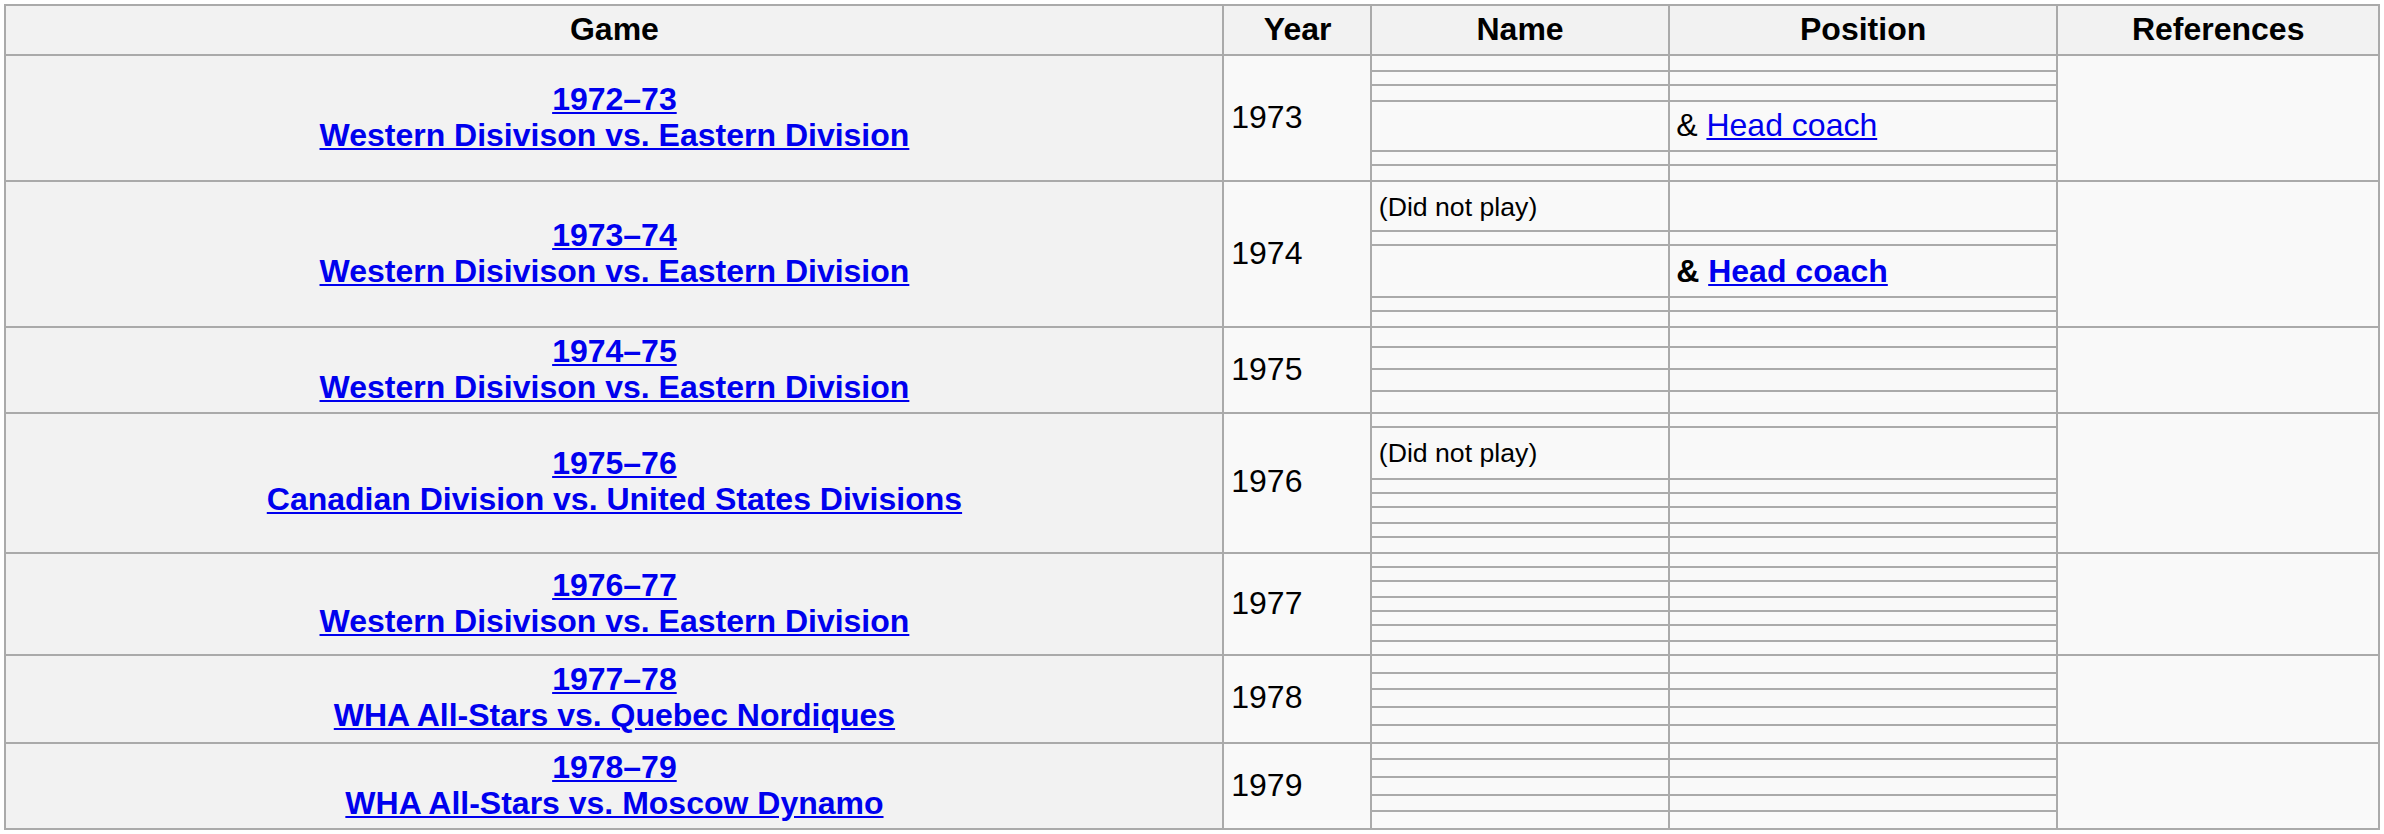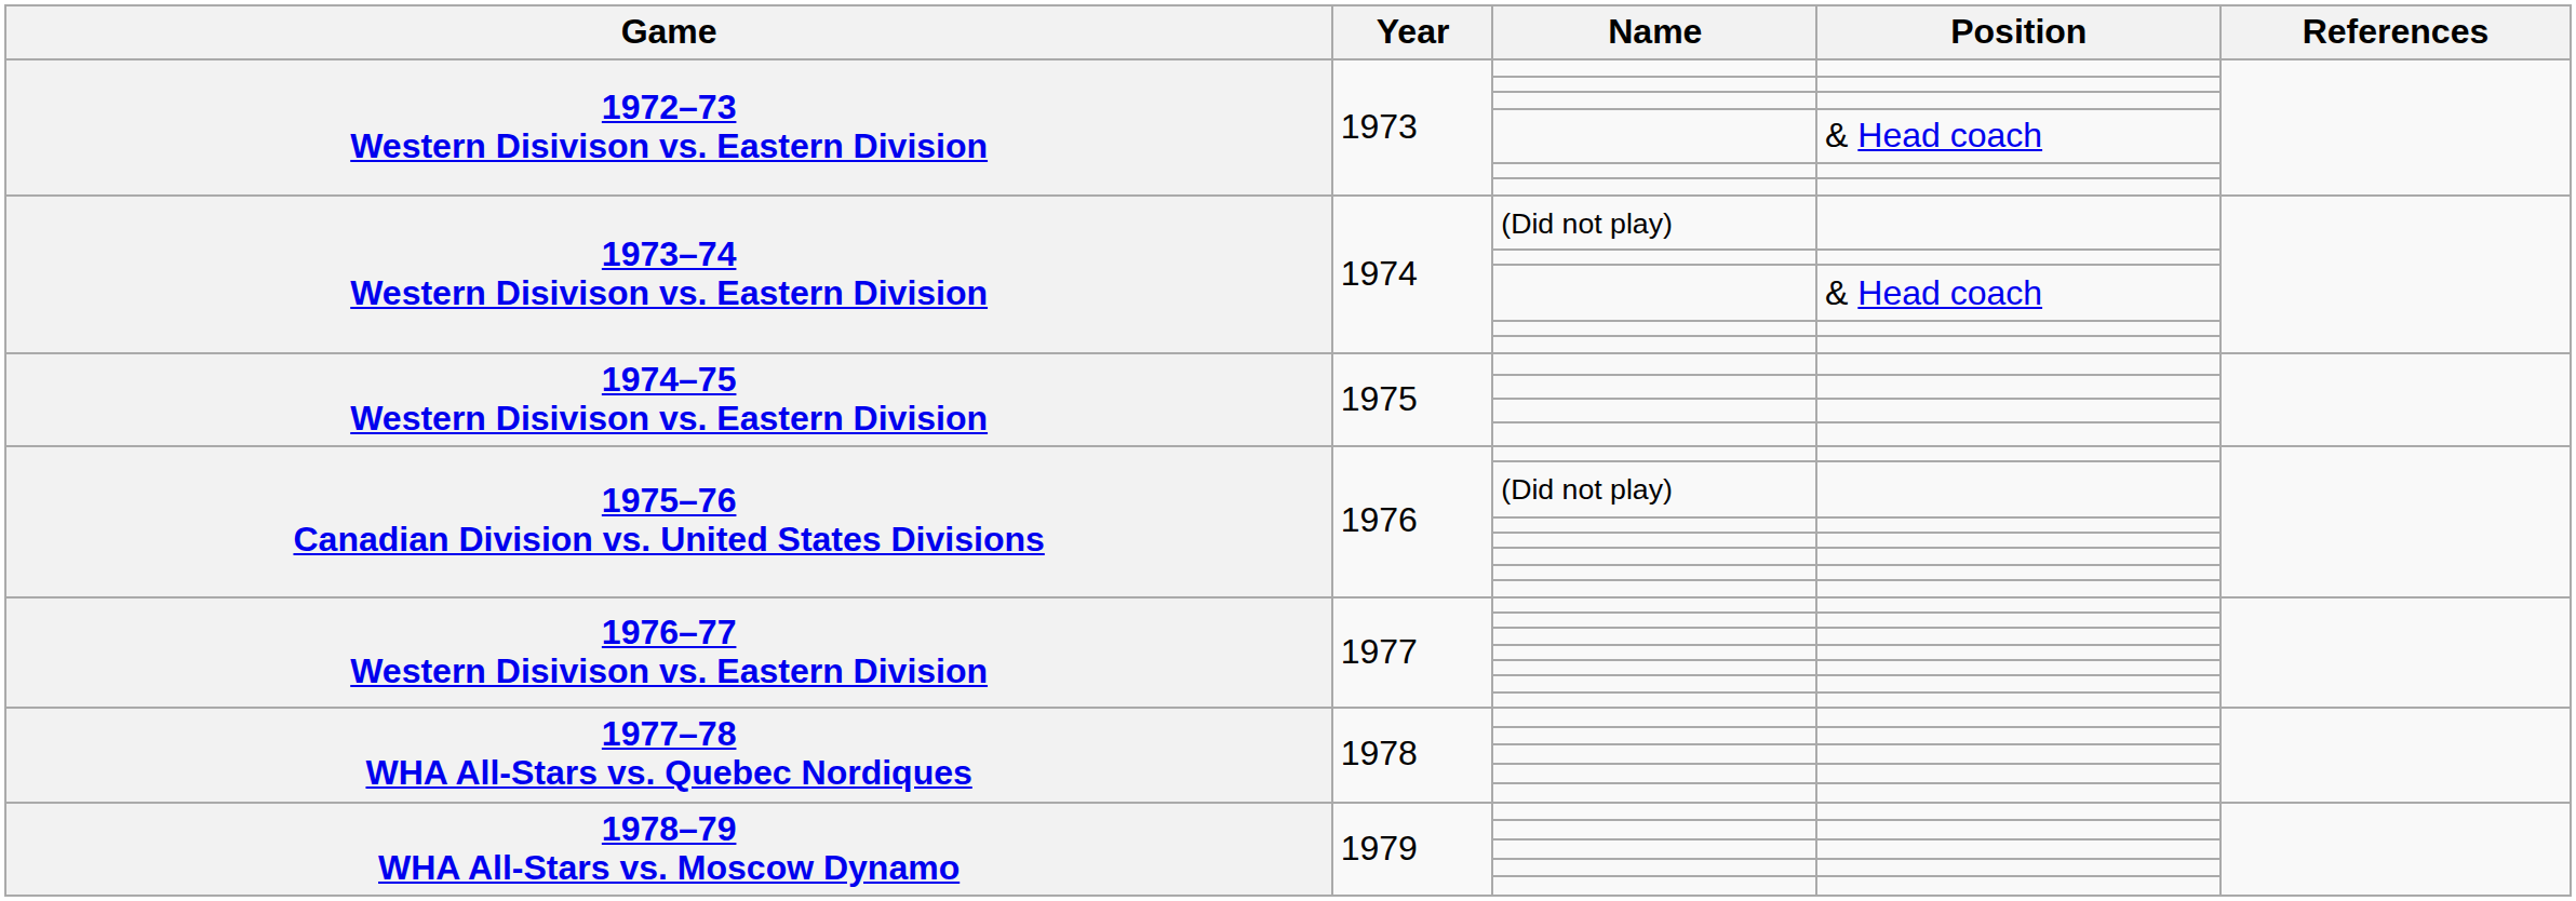 <table class="wikitable sortable" width="75%">
 <tr>
 <th scope="col">Game</th>
 <th scope="col">Year</th>
 <th scope="col">Name</th>
 <th scope="col">Position</th>
 <th scope="col" class="unsortable">References</th>
 </tr>
 <tr>
 <th scope="row"  rowspan="6"><a href='#'>1972–73<br>Western Disivison vs. Eastern Division</a></th>
 <td rowspan="6">1973</td>
 <td></td>
 <td></td>
 <td rowspan="6"></td>
 </tr>
 <tr>
 <td></td>
 <td></td>
 </tr>
 <tr>
 <td></td>
 <td></td>
 </tr>
 <tr>
 <td></td>
 <td> & <a href='#'>Head coach</a></td>
 </tr>
 <tr>
 <td></td>
 <td></td>
 </tr>
 <tr>
 <td></td>
 <td></td>
 </tr>
 <tr>
 <th scope="row"  rowspan="5"><a href='#'>1973–74<br>Western Disivison vs. Eastern Division</a></th>
 <td rowspan="5">1974</td>
 <td> <small>(Did not play)</small></td>
 <td></td>
 <td rowspan="5"></td>
 </tr>
 <tr>
 <td></td>
 <td></td>
 </tr>
 <tr>
 <td></td>
-<td><strong> & <a href='#'>Head coach</a></strong></td>
+<td> & <a href='#'>Head coach</a></td>
 </tr>
 <tr>
 <td></td>
 <td></td>
 </tr>
 <tr>
 <td></td>
 <td></td>
 </tr>
 <tr>
 <th scope="row"  rowspan="4"><a href='#'>1974–75<br>Western Disivison vs. Eastern Division</a></th>
 <td rowspan="4">1975</td>
 <td></td>
 <td></td>
 <td rowspan="4"></td>
 </tr>
 <tr>
 <td></td>
 <td></td>
 </tr>
 <tr>
 <td></td>
 <td></td>
 </tr>
 <tr>
 <td></td>
 <td></td>
 </tr>
 <tr>
 <th scope="row"  rowspan="7"><a href='#'>1975–76<br>Canadian Division vs. United States Divisions</a></th>
 <td rowspan="7">1976</td>
 <td></td>
 <td></td>
 <td rowspan="7"></td>
 </tr>
 <tr>
 <td> <small>(Did not play)</small></td>
 <td></td>
 </tr>
 <tr>
 <td></td>
 <td></td>
 </tr>
 <tr>
 <td></td>
 <td></td>
 </tr>
 <tr>
 <td></td>
 <td></td>
 </tr>
 <tr>
 <td></td>
 <td></td>
 </tr>
 <tr>
 <td></td>
 <td></td>
 </tr>
 <tr>
 <th scope="row"  rowspan="7"><a href='#'>1976–77<br>Western Disivison vs. Eastern Division</a></th>
 <td rowspan="7">1977</td>
 <td></td>
 <td></td>
 <td rowspan="7"></td>
 </tr>
 <tr>
 <td></td>
 <td></td>
 </tr>
 <tr>
 <td></td>
 <td></td>
 </tr>
 <tr>
 <td></td>
 <td></td>
 </tr>
 <tr>
 <td></td>
 <td></td>
 </tr>
 <tr>
 <td></td>
 <td></td>
 </tr>
 <tr>
 <td></td>
 <td></td>
 </tr>
 <tr>
 <th scope="row"  rowspan="5"><a href='#'>1977–78<br>WHA All-Stars vs. Quebec Nordiques</a></th>
 <td rowspan="5">1978</td>
 <td></td>
 <td></td>
 <td rowspan="5"></td>
 </tr>
 <tr>
 <td></td>
 <td></td>
 </tr>
 <tr>
 <td></td>
 <td></td>
 </tr>
 <tr>
 <td></td>
 <td></td>
 </tr>
 <tr>
 <td></td>
 <td></td>
 </tr>
 <tr>
 <th scope="row"  rowspan="5"><a href='#'>1978–79<br>WHA All-Stars vs. Moscow Dynamo</a></th>
 <td rowspan="5">1979</td>
 <td></td>
 <td></td>
 <td rowspan="5"></td>
 </tr>
 <tr>
 <td></td>
 <td></td>
 </tr>
 <tr>
 <td></td>
 <td></td>
 </tr>
 <tr>
 <td></td>
 <td></td>
 </tr>
 <tr>
 <td></td>
 <td></td>
 </tr>
 <tr>
 </tr>
 </table>
